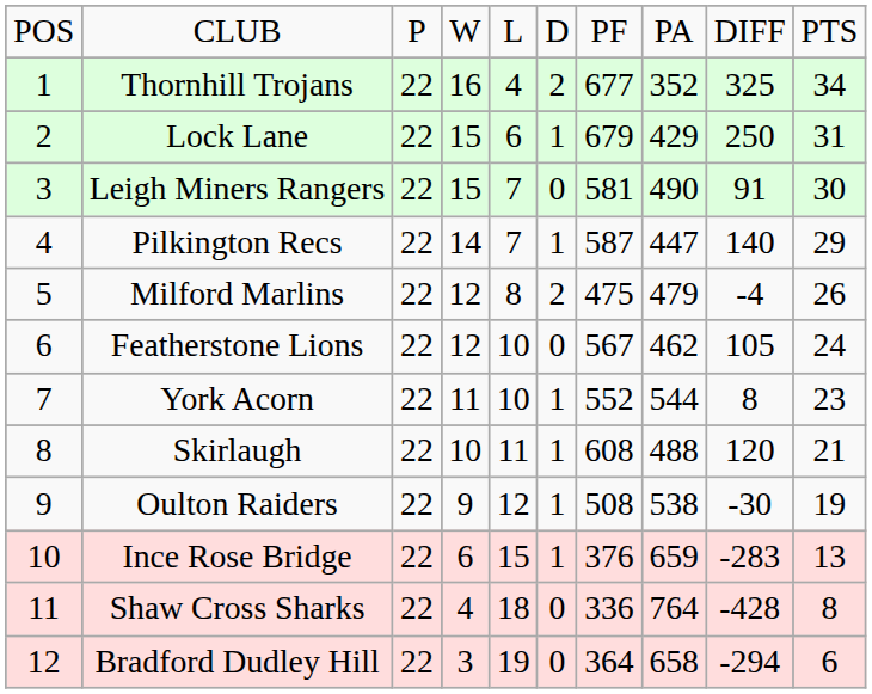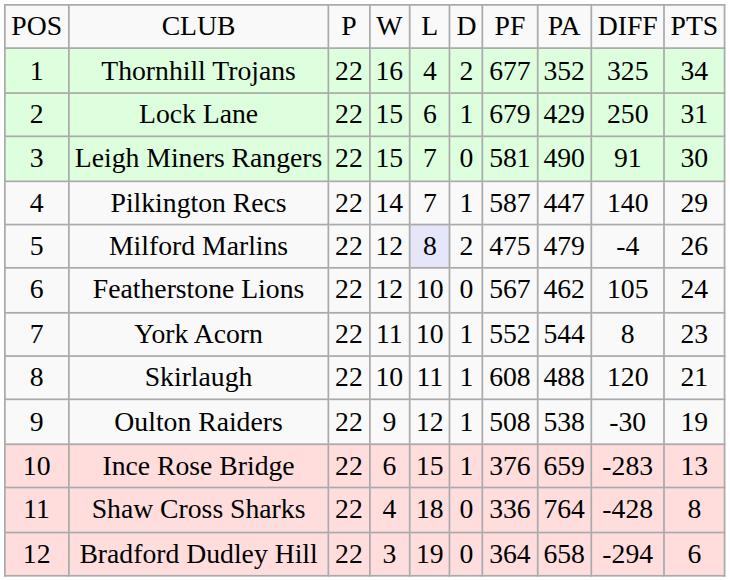 <table class="wikitable" style="text-align: center;">
 <tr>
 <td>POS</td>
 <td>CLUB</td>
 <td>P</td>
 <td>W</td>
 <td>L</td>
 <td>D</td>
 <td>PF</td>
 <td>PA</td>
 <td>DIFF</td>
 <td>PTS</td>
 </tr>
 <tr style="background:#ddffdd;">
 <td>1</td>
 <td>Thornhill Trojans</td>
 <td>22</td>
 <td>16</td>
 <td>4</td>
 <td>2</td>
 <td>677</td>
 <td>352</td>
 <td>325</td>
 <td>34</td>
 </tr>
 <tr style="background:#ddffdd;">
 <td>2</td>
 <td>Lock Lane</td>
 <td>22</td>
 <td>15</td>
 <td>6</td>
 <td>1</td>
 <td>679</td>
 <td>429</td>
 <td>250</td>
 <td>31</td>
 </tr>
 <tr style="background:#ddffdd;">
 <td>3</td>
 <td>Leigh Miners Rangers</td>
 <td>22</td>
 <td>15</td>
 <td>7</td>
 <td>0</td>
 <td>581</td>
 <td>490</td>
 <td>91</td>
 <td>30</td>
 </tr>
 <tr>
 <td>4</td>
 <td>Pilkington Recs</td>
 <td>22</td>
 <td>14</td>
 <td>7</td>
 <td>1</td>
 <td>587</td>
 <td>447</td>
 <td>140</td>
 <td>29</td>
 </tr>
 <tr>
 <td>5</td>
 <td>Milford Marlins</td>
 <td>22</td>
 <td>12</td>
-<td>8</td>
+<td style="background: lavender;">8</td>
 <td>2</td>
 <td>475</td>
 <td>479</td>
 <td>-4</td>
 <td>26</td>
 </tr>
 <tr>
 <td>6</td>
 <td>Featherstone Lions</td>
 <td>22</td>
 <td>12</td>
 <td>10</td>
 <td>0</td>
 <td>567</td>
 <td>462</td>
 <td>105</td>
 <td>24</td>
 </tr>
 <tr>
 <td>7</td>
 <td>York Acorn</td>
 <td>22</td>
 <td>11</td>
 <td>10</td>
 <td>1</td>
 <td>552</td>
 <td>544</td>
 <td>8</td>
 <td>23</td>
 </tr>
 <tr>
 <td>8</td>
 <td>Skirlaugh</td>
 <td>22</td>
 <td>10</td>
 <td>11</td>
 <td>1</td>
 <td>608</td>
 <td>488</td>
 <td>120</td>
 <td>21</td>
 </tr>
 <tr>
 <td>9</td>
 <td>Oulton Raiders</td>
 <td>22</td>
 <td>9</td>
 <td>12</td>
 <td>1</td>
 <td>508</td>
 <td>538</td>
 <td>-30</td>
 <td>19</td>
 </tr>
 <tr style="background:#ffdddd;">
 <td>10</td>
 <td>Ince Rose Bridge</td>
 <td>22</td>
 <td>6</td>
 <td>15</td>
 <td>1</td>
 <td>376</td>
 <td>659</td>
 <td>-283</td>
 <td>13</td>
 </tr>
 <tr style="background:#ffdddd;">
 <td>11</td>
 <td>Shaw Cross Sharks</td>
 <td>22</td>
 <td>4</td>
 <td>18</td>
 <td>0</td>
 <td>336</td>
 <td>764</td>
 <td>-428</td>
 <td>8</td>
 </tr>
 <tr style="background:#ffdddd;">
 <td>12</td>
 <td>Bradford Dudley Hill</td>
 <td>22</td>
 <td>3</td>
 <td>19</td>
 <td>0</td>
 <td>364</td>
 <td>658</td>
 <td>-294</td>
 <td>6</td>
 </tr>
 </table>
